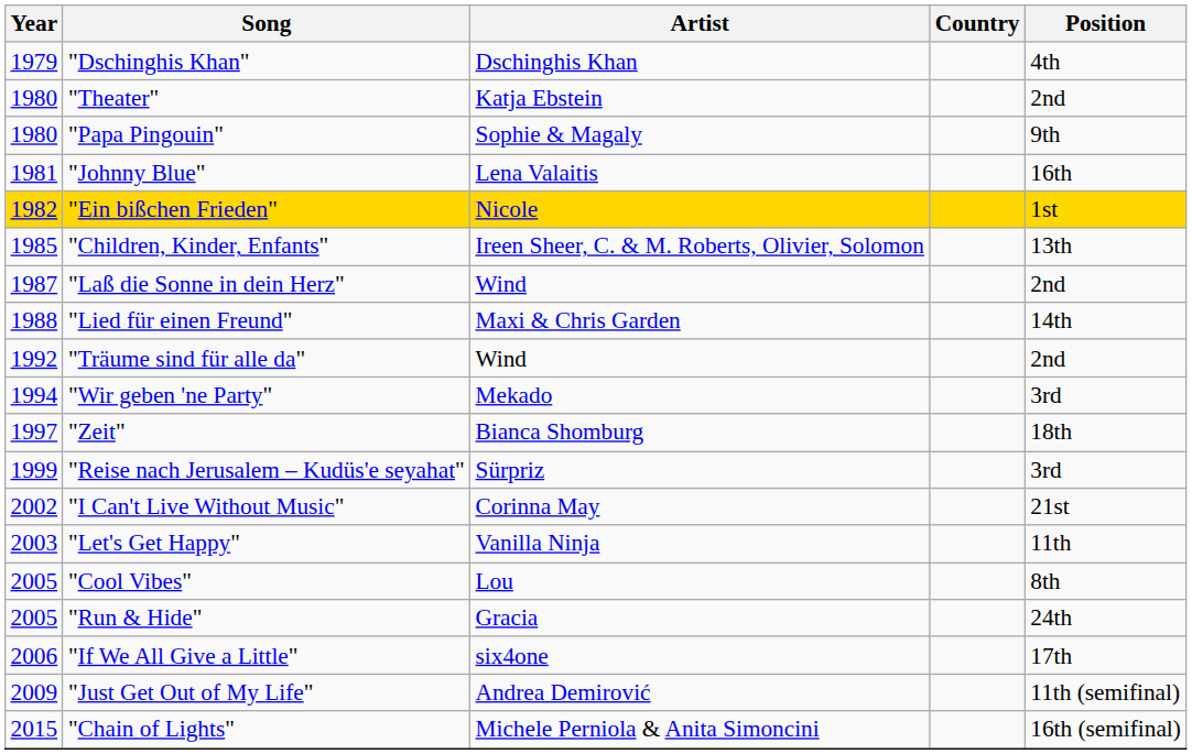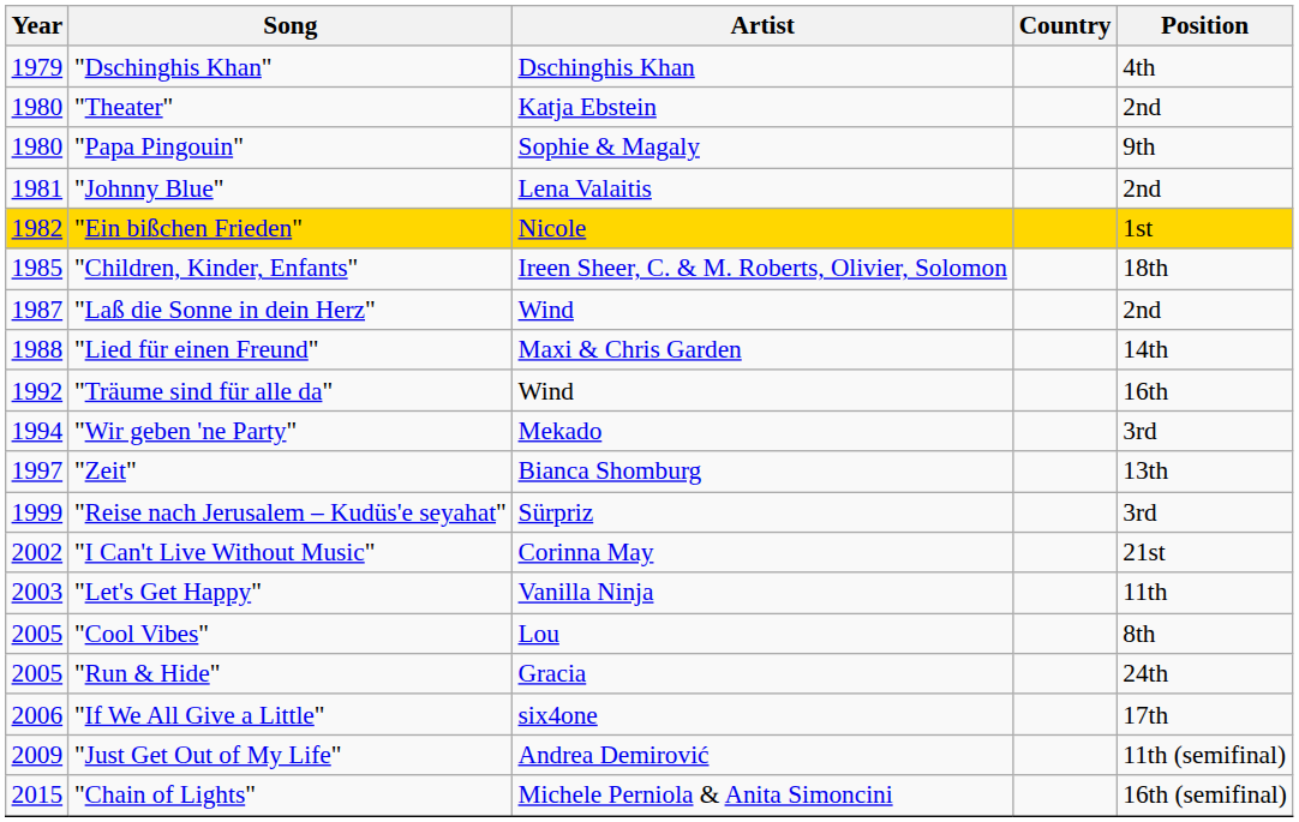 <table class="wikitable" style="border:1px solid black;">
 <tr>
 <th>Year</th>
 <th>Song</th>
 <th>Artist</th>
 <th>Country</th>
 <th>Position</th>
 </tr>
 <tr>
 <td><a href='#'>1979</a></td>
 <td>"<a href='#'>Dschinghis Khan</a>"</td>
 <td><a href='#'>Dschinghis Khan</a></td>
 <td></td>
 <td>4th</td>
 </tr>
 <tr>
 <td><a href='#'>1980</a></td>
 <td>"<a href='#'>Theater</a>"</td>
 <td><a href='#'>Katja Ebstein</a></td>
 <td></td>
 <td>2nd</td>
 </tr>
 <tr>
 <td><a href='#'>1980</a></td>
 <td>"<a href='#'>Papa Pingouin</a>"</td>
 <td><a href='#'>Sophie & Magaly</a></td>
 <td></td>
 <td>9th</td>
 </tr>
 <tr>
 <td><a href='#'>1981</a></td>
 <td>"<a href='#'>Johnny Blue</a>"</td>
 <td><a href='#'>Lena Valaitis</a></td>
 <td></td>
-<td>16th</td>
+<td>2nd</td>
 </tr>
 <tr style="background:gold">
 <td><a href='#'>1982</a></td>
 <td>"<a href='#'>Ein bißchen Frieden</a>"</td>
 <td><a href='#'>Nicole</a></td>
 <td></td>
 <td>1st</td>
 </tr>
 <tr>
 <td><a href='#'>1985</a></td>
 <td>"<a href='#'>Children, Kinder, Enfants</a>"</td>
 <td><a href='#'>Ireen Sheer, C. & M. Roberts, Olivier, Solomon</a></td>
 <td></td>
-<td>13th</td>
+<td>18th</td>
 </tr>
 <tr>
 <td><a href='#'>1987</a></td>
 <td>"<a href='#'>Laß die Sonne in dein Herz</a>"</td>
 <td><a href='#'>Wind</a></td>
 <td></td>
 <td>2nd</td>
 </tr>
 <tr>
 <td><a href='#'>1988</a></td>
 <td>"<a href='#'>Lied für einen Freund</a>"</td>
 <td><a href='#'>Maxi & Chris Garden</a></td>
 <td></td>
 <td>14th</td>
 </tr>
 <tr>
 <td><a href='#'>1992</a></td>
 <td>"<a href='#'>Träume sind für alle da</a>"</td>
 <td>Wind</td>
 <td></td>
-<td>2nd</td>
+<td>16th</td>
 </tr>
 <tr>
 <td><a href='#'>1994</a></td>
 <td>"<a href='#'>Wir geben 'ne Party</a>"</td>
 <td><a href='#'>Mekado</a></td>
 <td></td>
 <td>3rd</td>
 </tr>
 <tr>
 <td><a href='#'>1997</a></td>
 <td>"<a href='#'>Zeit</a>"</td>
 <td><a href='#'>Bianca Shomburg</a></td>
 <td></td>
-<td>18th</td>
+<td>13th</td>
 </tr>
 <tr>
 <td><a href='#'>1999</a></td>
 <td>"<a href='#'>Reise nach Jerusalem – Kudüs'e seyahat</a>"</td>
 <td><a href='#'>Sürpriz</a></td>
 <td></td>
 <td>3rd</td>
 </tr>
 <tr>
 <td><a href='#'>2002</a></td>
 <td>"<a href='#'>I Can't Live Without Music</a>"</td>
 <td><a href='#'>Corinna May</a></td>
 <td></td>
 <td>21st</td>
 </tr>
 <tr>
 <td><a href='#'>2003</a></td>
 <td>"<a href='#'>Let's Get Happy</a>"</td>
 <td><a href='#'>Vanilla Ninja</a></td>
 <td></td>
 <td>11th</td>
 </tr>
 <tr>
 <td><a href='#'>2005</a></td>
 <td>"<a href='#'>Cool Vibes</a>"</td>
 <td><a href='#'>Lou</a></td>
 <td></td>
 <td>8th</td>
 </tr>
 <tr>
 <td><a href='#'>2005</a></td>
 <td>"<a href='#'>Run & Hide</a>"</td>
 <td><a href='#'>Gracia</a></td>
 <td></td>
 <td>24th</td>
 </tr>
 <tr>
 <td><a href='#'>2006</a></td>
 <td>"<a href='#'>If We All Give a Little</a>"</td>
 <td><a href='#'>six4one</a></td>
 <td></td>
 <td>17th</td>
 </tr>
 <tr>
 <td><a href='#'>2009</a></td>
 <td>"<a href='#'>Just Get Out of My Life</a>"</td>
 <td><a href='#'>Andrea Demirović</a></td>
 <td></td>
 <td>11th (semifinal)</td>
 </tr>
 <tr>
 <td><a href='#'>2015</a></td>
 <td>"<a href='#'>Chain of Lights</a>"</td>
 <td><a href='#'>Michele Perniola</a> & <a href='#'>Anita Simoncini</a></td>
 <td></td>
 <td>16th (semifinal)</td>
 </tr>
 <tr>
 </tr>
 </table>
